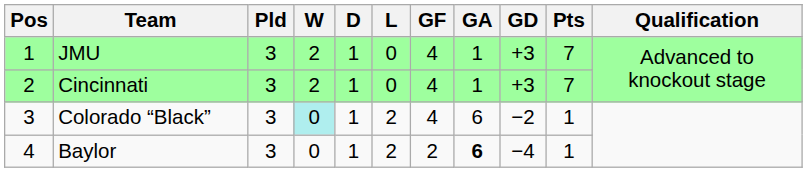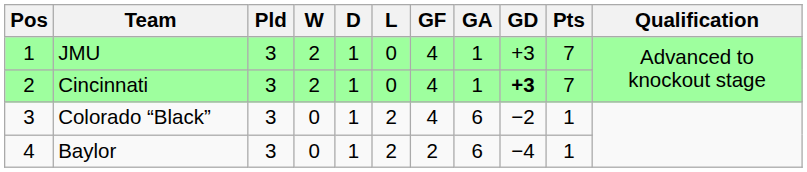 <table class="wikitable" style="text-align:center; margin: 1em auto">
 <tr>
 <th style="width:2em">Pos</th>
 <th style="width:13em">Team</th>
 <th style="width:2em">Pld</th>
 <th style="width:2em">W</th>
 <th style="width:2em">D</th>
 <th style="width:2em">L</th>
 <th style="width:2em">GF</th>
 <th style="width:2em">GA</th>
 <th style="width:2em">GD</th>
 <th style="width:2em">Pts</th>
 <th style="width:13em">Qualification</th>
 </tr>
 <tr bgcolor="#9eff9e">
 <td>1</td>
 <td style="text-align:left">JMU</td>
 <td>3</td>
 <td>2</td>
 <td>1</td>
 <td>0</td>
 <td>4</td>
 <td>1</td>
 <td>+3</td>
 <td>7</td>
 <td rowspan="2">Advanced to knockout stage</td>
 </tr>
 <tr bgcolor="#9eff9e">
 <td>2</td>
 <td style="text-align:left">Cincinnati</td>
 <td>3</td>
 <td>2</td>
 <td>1</td>
 <td>0</td>
 <td>4</td>
 <td>1</td>
-<td>+3</td>
+<td><strong>+3</strong></td>
 <td>7</td>
 </tr>
 <tr>
 <td>3</td>
 <td style="text-align:left">Colorado “Black”</td>
 <td>3</td>
-<td style="background: paleturquoise;">0</td>
+<td>0</td>
 <td>1</td>
 <td>2</td>
 <td>4</td>
 <td>6</td>
 <td>−2</td>
 <td>1</td>
 </tr>
 <tr>
 <td>4</td>
 <td style="text-align:left">Baylor</td>
 <td>3</td>
 <td>0</td>
 <td>1</td>
 <td>2</td>
 <td>2</td>
-<td><strong>6</strong></td>
+<td>6</td>
 <td>−4</td>
 <td>1</td>
 </tr>
 </table>
